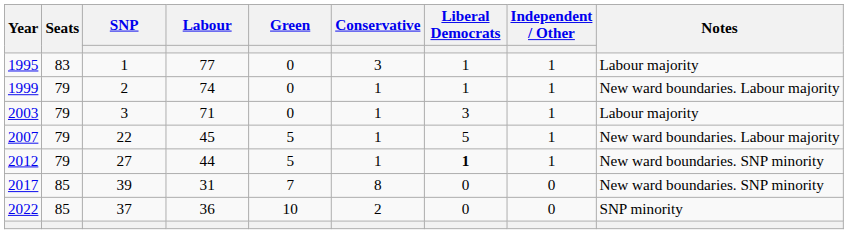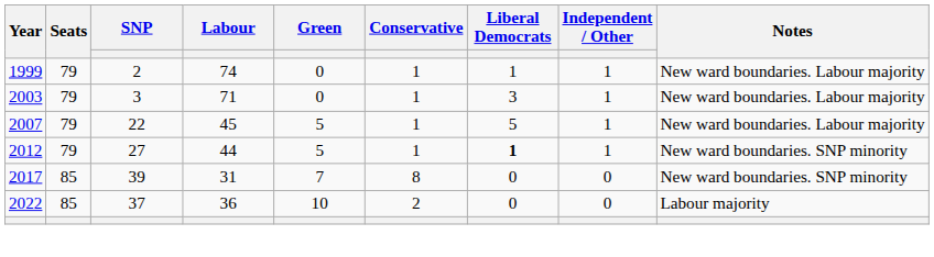 <table class="wikitable" style=text-align:center>
 <tr>
 <th rowspan=2><strong>Year</strong></th>
 <th rowspan=2><strong>Seats</strong></th>
 <th width="80"><a href='#'><strong>SNP</strong></a></th>
 <th width="80"><a href='#'><strong>Labour</strong></a></th>
 <th width="80"><a href='#'><strong>Green</strong></a></th>
 <th width="80"><strong><a href='#'>Conservative</a></strong></th>
 <th width="80"><a href='#'><strong>Liberal Democrats</strong></a></th>
 <th width="80"><a href='#'><strong>Independent / Other</strong></a></th>
 <th rowspan=2><strong>Notes</strong></th>
 </tr>
 <tr>
 <th style="background-color: "></th>
 <th style="background-color: "></th>
 <th style="background-color: "></th>
 <th style="background-color: "></th>
 <th style="background-color: "></th>
 <th style="background-color: "></th>
 </tr>
 <tr>
-<td><a href='#'>1995</a></td>
-<td>83</td>
-<td>1</td>
-<td>77</td>
-<td>0</td>
-<td>3</td>
-<td>1</td>
-<td>1</td>
-<td align=left>Labour majority</td>
-</tr>
-<tr>
 <td><a href='#'>1999</a></td>
 <td>79</td>
 <td>2</td>
 <td>74</td>
 <td>0</td>
 <td>1</td>
 <td>1</td>
 <td>1</td>
 <td align=left>New ward boundaries. Labour majority</td>
 </tr>
 <tr>
 <td><a href='#'>2003</a></td>
 <td>79</td>
 <td>3</td>
 <td>71</td>
 <td>0</td>
 <td>1</td>
 <td>3</td>
 <td>1</td>
-<td align=left>Labour majority</td>
+<td align=left>New ward boundaries. Labour majority</td>
 </tr>
 <tr>
 <td><a href='#'>2007</a></td>
 <td>79</td>
 <td>22</td>
 <td>45</td>
 <td>5</td>
 <td>1</td>
 <td>5</td>
 <td>1</td>
 <td align=left>New ward boundaries. Labour majority</td>
 </tr>
 <tr>
 <td><a href='#'>2012</a></td>
 <td>79</td>
 <td>27</td>
 <td>44</td>
 <td>5</td>
 <td>1</td>
 <td><strong>1</strong></td>
 <td>1</td>
 <td align=left>New ward boundaries. SNP minority</td>
 </tr>
 <tr>
 <td><a href='#'>2017</a></td>
 <td>85</td>
 <td>39</td>
 <td>31</td>
 <td>7</td>
 <td>8</td>
 <td>0</td>
 <td>0</td>
 <td align=left>New ward boundaries. SNP minority</td>
 </tr>
 <tr>
 <td><a href='#'>2022</a></td>
 <td>85</td>
 <td>37</td>
 <td>36</td>
 <td>10</td>
 <td>2</td>
 <td>0</td>
 <td>0</td>
-<td align=left>SNP minority</td>
+<td align=left>Labour majority</td>
 </tr>
 <tr>
 <th></th>
 <th></th>
 <th style="background-color: "></th>
 <th style="background-color: "></th>
 <th style="background-color: "></th>
 <th style="background-color: "></th>
 <th style="background-color: "></th>
 <th style="background-color: "></th>
 <th></th>
 </tr>
 </table>
